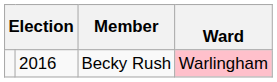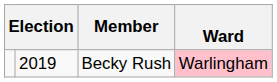 <table class="wikitable">
 <tr>
 <th colspan="2">Election</th>
 <th>Member</th>
 <th><br>Ward</th>
 </tr>
 <tr>
 <td style="background-color: "></td>
-<td>2016</td>
+<td>2019</td>
 <td>Becky Rush</td>
 <td style="background: pink;">Warlingham</td>
 </tr>
 </table>
